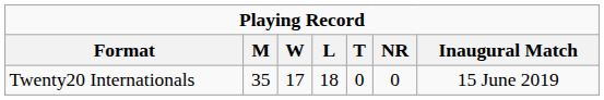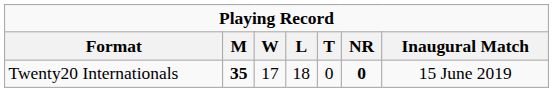 <table class="wikitable" style="text-align: center; width: 500px;">
 <tr>
 <td colspan=7 align="center"><strong>Playing Record</strong></td>
 </tr>
 <tr>
 <th>Format</th>
 <th>M</th>
 <th>W</th>
 <th>L</th>
 <th>T</th>
 <th>NR</th>
 <th>Inaugural Match</th>
 </tr>
 <tr>
 <td align="left">Twenty20 Internationals</td>
-<td>35</td>
+<td><strong>35</strong></td>
 <td>17</td>
 <td>18</td>
 <td>0</td>
-<td>0</td>
+<td><strong>0</strong></td>
 <td>15 June 2019</td>
 </tr>
 </table>
